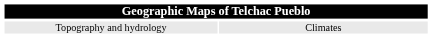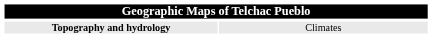 <table class="toc" cellpadding=0 cellspacing=2 width=600px style="float:center; margin: 0.5em 0.5em 0.5em 1em; padding: 0.5e text-align:left;clear:all; margin-left:3px; font-size:90%">
 <tr>
 <td colspan=2 style="background:#black; color:white; font-size:120%" align=center bgcolor="black"><strong>Geographic Maps of Telchac Pueblo</strong></td>
 </tr>
 <tr>
 <td align=center valign=center bgcolor="white" width=300px></td>
 <td align=center valign=center bgcolor="white"></td>
 </tr>
 <tr>
-<td style="background:#e9e9e9;" align=center>Topography and hydrology</td>
+<td style="background:#e9e9e9;" align=center><strong>Topography and hydrology</strong></td>
 <td style="background:#e9e9e9;" align=center>Climates</td>
 </tr>
 <tr>
 </tr>
 </table>
